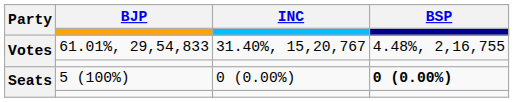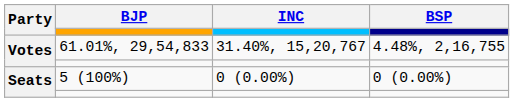 <table class="wikitable">
 <tr>
 <th rowspan="2">Party</th>
 <th><a href='#'>BJP</a></th>
 <th><a href='#'>INC</a></th>
 <th><a href='#'>BSP</a></th>
 </tr>
 <tr>
 <td style="background:orange;"></td>
 <td style="background:#00BFFF;"></td>
 <td style=" background:darkblue;"></td>
 </tr>
 <tr>
 <th rowspan="2">Votes</th>
 <td>61.01%, 29,54,833</td>
 <td>31.40%, 15,20,767</td>
 <td>4.48%, 2,16,755</td>
 </tr>
 <tr>
 <td></td>
 <td></td>
 <td></td>
 </tr>
 <tr>
 <th rowspan="2">Seats</th>
 <td>5 (100%)</td>
 <td>0 (0.00%)</td>
-<td><strong>0 (0.00%)</strong></td>
+<td>0 (0.00%)</td>
 </tr>
 <tr>
 <td></td>
 <td></td>
 <td></td>
 </tr>
 </table>
